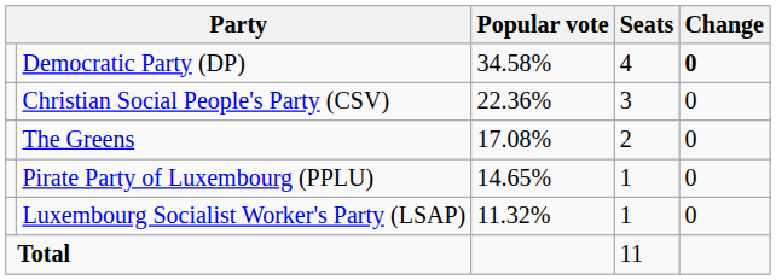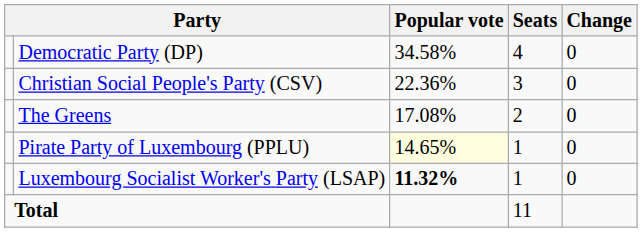 <table class="wikitable">
 <tr>
 <th colspan="2">Party</th>
 <th>Popular vote</th>
 <th>Seats</th>
 <th>Change</th>
 </tr>
 <tr>
 <td style="background-color:"></td>
 <td><a href='#'>Democratic Party</a> (DP)</td>
 <td>34.58%</td>
 <td>4</td>
-<td><strong> 0</strong></td>
+<td> 0</td>
 </tr>
 <tr>
 <td style="background-color:"></td>
 <td><a href='#'>Christian Social People's Party</a> (CSV)</td>
 <td>22.36%</td>
 <td>3</td>
 <td> 0</td>
 </tr>
 <tr>
 <td style="background-color:"></td>
 <td><a href='#'>The Greens</a></td>
 <td>17.08%</td>
 <td>2</td>
 <td> 0</td>
 </tr>
 <tr>
 <td style="background-color:"></td>
 <td><a href='#'>Pirate Party of Luxembourg</a> (PPLU)</td>
-<td>14.65%</td>
+<td style="background: lightyellow;">14.65%</td>
 <td>1</td>
 <td> 0</td>
 </tr>
 <tr>
 <td style="background-color:"></td>
 <td><a href='#'>Luxembourg Socialist Worker's Party</a> (LSAP)</td>
-<td>11.32%</td>
+<td><strong>11.32%</strong></td>
 <td>1</td>
 <td> 0</td>
 </tr>
 <tr>
 <td colspan="2" rowspan="1"> <strong>Total</strong><br></td>
 <td></td>
 <td>11</td>
 <td></td>
 </tr>
 </table>
